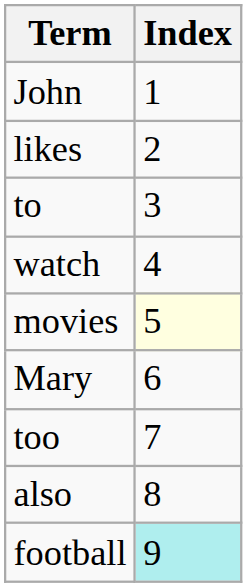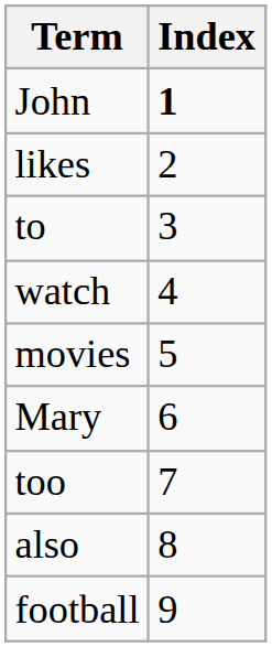 <table class="wikitable">
 <tr>
 <th>Term</th>
 <th>Index</th>
 </tr>
 <tr>
 <td>John</td>
-<td>1</td>
+<td><strong>1</strong></td>
 </tr>
 <tr>
 <td>likes</td>
 <td>2</td>
 </tr>
 <tr>
 <td>to</td>
 <td>3</td>
 </tr>
 <tr>
 <td>watch</td>
 <td>4</td>
 </tr>
 <tr>
 <td>movies</td>
-<td style="background: lightyellow;">5</td>
+<td>5</td>
 </tr>
 <tr>
 <td>Mary</td>
 <td>6</td>
 </tr>
 <tr>
 <td>too</td>
 <td>7</td>
 </tr>
 <tr>
 <td>also</td>
 <td>8</td>
 </tr>
 <tr>
 <td>football</td>
-<td style="background: paleturquoise;">9</td>
+<td>9</td>
 </tr>
 </table>
